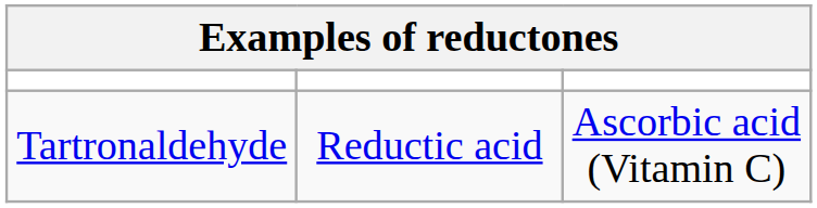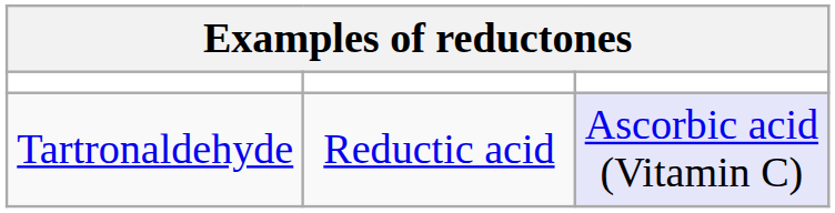 <table class="wikitable" style="margin: 1em auto 1em auto">
 <tr>
 <th colspan="3">Examples of reductones</th>
 </tr>
 <tr style="background-color:#ffffff;">
 <td></td>
 <td></td>
 <td></td>
 </tr>
 <tr align="center">
 <td><a href='#'>Tartronaldehyde</a></td>
 <td> <a href='#'>Reductic acid</a> </td>
-<td><a href='#'>Ascorbic acid</a><br>(Vitamin C)</td>
+<td style="background: lavender;"><a href='#'>Ascorbic acid</a><br>(Vitamin C)</td>
 </tr>
 </table>
